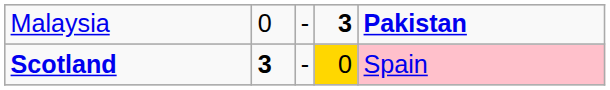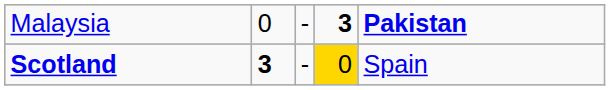 <table class="wikitable">
 <tr>
 <td width=150> <a href='#'>Malaysia</a></td>
 <td style="width:20px; text-align:left;">0</td>
 <td>-</td>
 <td style="width:20px; text-align:right;"><strong>3</strong></td>
 <td width=150> <strong><a href='#'>Pakistan</a></strong></td>
 </tr>
 <tr>
 <td> <strong><a href='#'>Scotland</a></strong></td>
 <td style="text-align:left;"><strong>3</strong></td>
 <td>-</td>
 <td style="background: gold; text-align:right;">0</td>
-<td style="background: pink;"> <a href='#'>Spain</a></td>
+<td> <a href='#'>Spain</a></td>
 </tr>
 </table>
